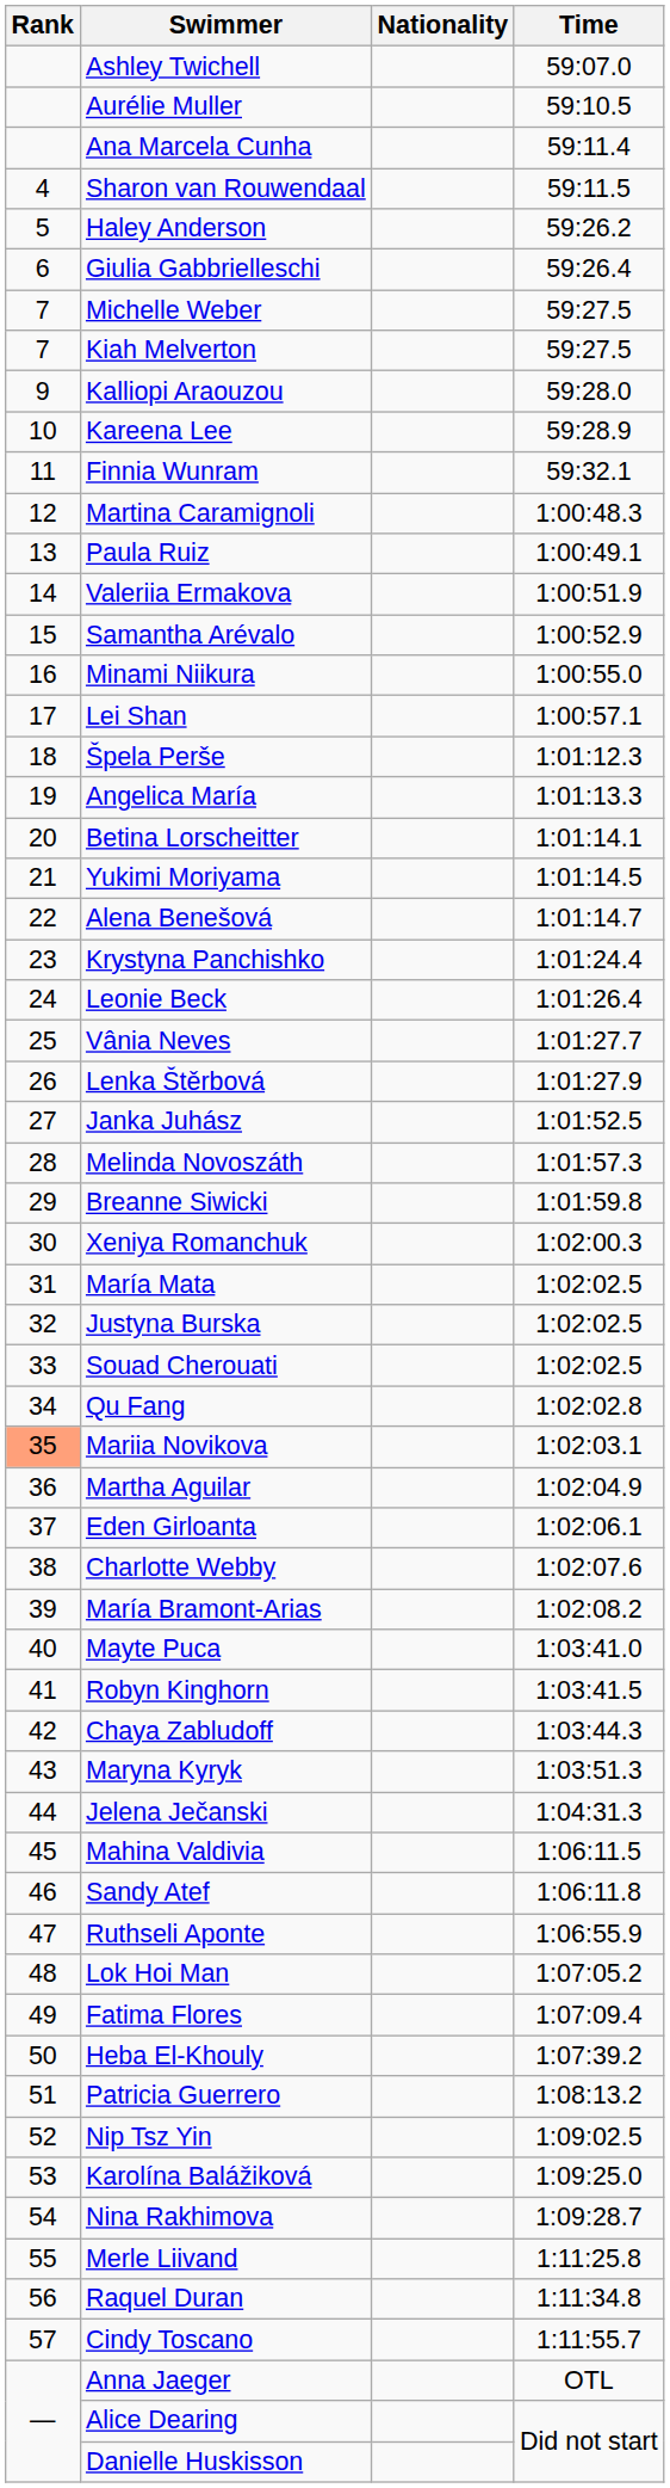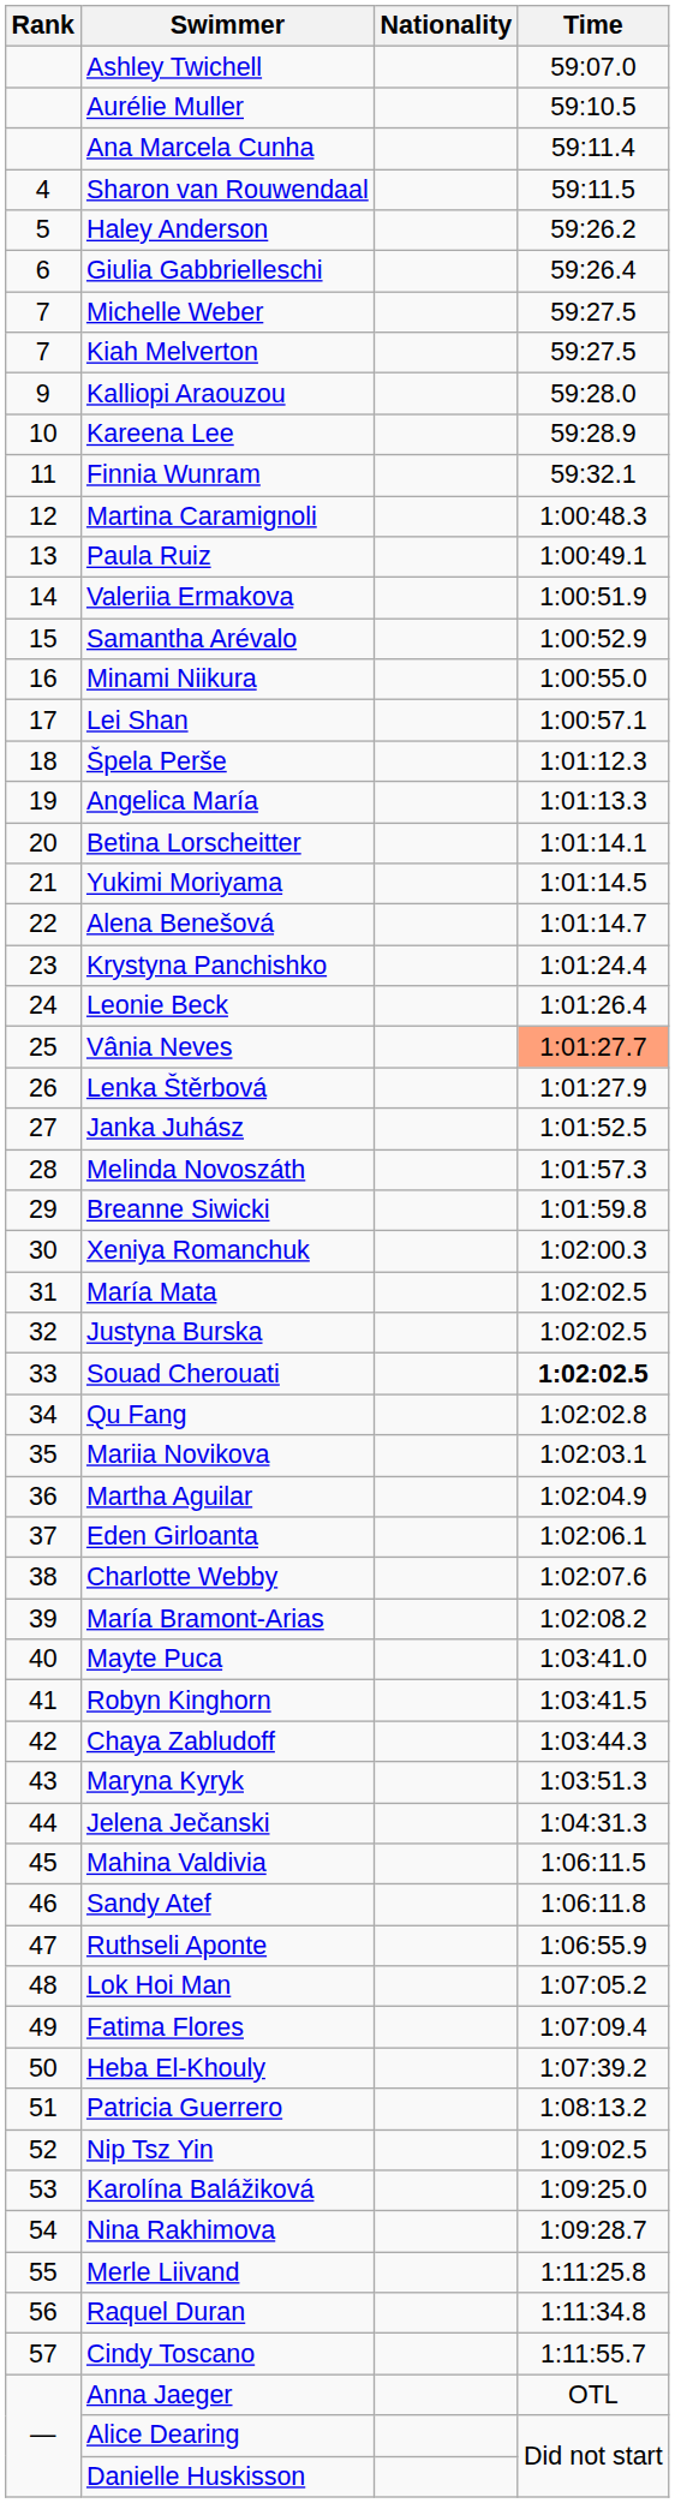 <table class="wikitable sortable" border="1" style="text-align:center">
 <tr>
 <th>Rank</th>
 <th>Swimmer</th>
 <th>Nationality</th>
 <th>Time</th>
 </tr>
 <tr>
 <td></td>
 <td align=left><a href='#'>Ashley Twichell</a></td>
 <td align=left></td>
 <td>59:07.0</td>
 </tr>
 <tr>
 <td></td>
 <td align=left><a href='#'>Aurélie Muller</a></td>
 <td align=left></td>
 <td>59:10.5</td>
 </tr>
 <tr>
 <td></td>
 <td align=left><a href='#'>Ana Marcela Cunha</a></td>
 <td align=left></td>
 <td>59:11.4</td>
 </tr>
 <tr>
 <td>4</td>
 <td align=left><a href='#'>Sharon van Rouwendaal</a></td>
 <td align=left></td>
 <td>59:11.5</td>
 </tr>
 <tr>
 <td>5</td>
 <td align=left><a href='#'>Haley Anderson</a></td>
 <td align=left></td>
 <td>59:26.2</td>
 </tr>
 <tr>
 <td>6</td>
 <td align=left><a href='#'>Giulia Gabbrielleschi</a></td>
 <td align=left></td>
 <td>59:26.4</td>
 </tr>
 <tr>
 <td>7</td>
 <td align=left><a href='#'>Michelle Weber</a></td>
 <td align=left></td>
 <td>59:27.5</td>
 </tr>
 <tr>
 <td>7</td>
 <td align=left><a href='#'>Kiah Melverton</a></td>
 <td align=left></td>
 <td>59:27.5</td>
 </tr>
 <tr>
 <td>9</td>
 <td align=left><a href='#'>Kalliopi Araouzou</a></td>
 <td align=left></td>
 <td>59:28.0</td>
 </tr>
 <tr>
 <td>10</td>
 <td align=left><a href='#'>Kareena Lee</a></td>
 <td align=left></td>
 <td>59:28.9</td>
 </tr>
 <tr>
 <td>11</td>
 <td align=left><a href='#'>Finnia Wunram</a></td>
 <td align=left></td>
 <td>59:32.1</td>
 </tr>
 <tr>
 <td>12</td>
 <td align=left><a href='#'>Martina Caramignoli</a></td>
 <td align=left></td>
 <td>1:00:48.3</td>
 </tr>
 <tr>
 <td>13</td>
 <td align=left><a href='#'>Paula Ruiz</a></td>
 <td align=left></td>
 <td>1:00:49.1</td>
 </tr>
 <tr>
 <td>14</td>
 <td align=left><a href='#'>Valeriia Ermakova</a></td>
 <td align=left></td>
 <td>1:00:51.9</td>
 </tr>
 <tr>
 <td>15</td>
 <td align=left><a href='#'>Samantha Arévalo</a></td>
 <td align=left></td>
 <td>1:00:52.9</td>
 </tr>
 <tr>
 <td>16</td>
 <td align=left><a href='#'>Minami Niikura</a></td>
 <td align=left></td>
 <td>1:00:55.0</td>
 </tr>
 <tr>
 <td>17</td>
 <td align=left><a href='#'>Lei Shan</a></td>
 <td align=left></td>
 <td>1:00:57.1</td>
 </tr>
 <tr>
 <td>18</td>
 <td align=left><a href='#'>Špela Perše</a></td>
 <td align=left></td>
 <td>1:01:12.3</td>
 </tr>
 <tr>
 <td>19</td>
 <td align=left><a href='#'>Angelica María</a></td>
 <td align=left></td>
 <td>1:01:13.3</td>
 </tr>
 <tr>
 <td>20</td>
 <td align=left><a href='#'>Betina Lorscheitter</a></td>
 <td align=left></td>
 <td>1:01:14.1</td>
 </tr>
 <tr>
 <td>21</td>
 <td align=left><a href='#'>Yukimi Moriyama</a></td>
 <td align=left></td>
 <td>1:01:14.5</td>
 </tr>
 <tr>
 <td>22</td>
 <td align=left><a href='#'>Alena Benešová</a></td>
 <td align=left></td>
 <td>1:01:14.7</td>
 </tr>
 <tr>
 <td>23</td>
 <td align=left><a href='#'>Krystyna Panchishko</a></td>
 <td align=left></td>
 <td>1:01:24.4</td>
 </tr>
 <tr>
 <td>24</td>
 <td align=left><a href='#'>Leonie Beck</a></td>
 <td align=left></td>
 <td>1:01:26.4</td>
 </tr>
 <tr>
 <td>25</td>
 <td align=left><a href='#'>Vânia Neves</a></td>
 <td align=left></td>
-<td>1:01:27.7</td>
+<td style="background: lightsalmon;">1:01:27.7</td>
 </tr>
 <tr>
 <td>26</td>
 <td align=left><a href='#'>Lenka Štěrbová</a></td>
 <td align=left></td>
 <td>1:01:27.9</td>
 </tr>
 <tr>
 <td>27</td>
 <td align=left><a href='#'>Janka Juhász</a></td>
 <td align=left></td>
 <td>1:01:52.5</td>
 </tr>
 <tr>
 <td>28</td>
 <td align=left><a href='#'>Melinda Novoszáth</a></td>
 <td align=left></td>
 <td>1:01:57.3</td>
 </tr>
 <tr>
 <td>29</td>
 <td align=left><a href='#'>Breanne Siwicki</a></td>
 <td align=left></td>
 <td>1:01:59.8</td>
 </tr>
 <tr>
 <td>30</td>
 <td align=left><a href='#'>Xeniya Romanchuk</a></td>
 <td align=left></td>
 <td>1:02:00.3</td>
 </tr>
 <tr>
 <td>31</td>
 <td align=left><a href='#'>María Mata</a></td>
 <td align=left></td>
 <td>1:02:02.5</td>
 </tr>
 <tr>
 <td>32</td>
 <td align=left><a href='#'>Justyna Burska</a></td>
 <td align=left></td>
 <td>1:02:02.5</td>
 </tr>
 <tr>
 <td>33</td>
 <td align=left><a href='#'>Souad Cherouati</a></td>
 <td align=left></td>
-<td>1:02:02.5</td>
+<td><strong>1:02:02.5</strong></td>
 </tr>
 <tr>
 <td>34</td>
 <td align=left><a href='#'>Qu Fang</a></td>
 <td align=left></td>
 <td>1:02:02.8</td>
 </tr>
 <tr>
-<td style="background: lightsalmon;">35</td>
+<td>35</td>
 <td align=left><a href='#'>Mariia Novikova</a></td>
 <td align=left></td>
 <td>1:02:03.1</td>
 </tr>
 <tr>
 <td>36</td>
 <td align=left><a href='#'>Martha Aguilar</a></td>
 <td align=left></td>
 <td>1:02:04.9</td>
 </tr>
 <tr>
 <td>37</td>
 <td align=left><a href='#'>Eden Girloanta</a></td>
 <td align=left></td>
 <td>1:02:06.1</td>
 </tr>
 <tr>
 <td>38</td>
 <td align=left><a href='#'>Charlotte Webby</a></td>
 <td align=left></td>
 <td>1:02:07.6</td>
 </tr>
 <tr>
 <td>39</td>
 <td align=left><a href='#'>María Bramont-Arias</a></td>
 <td align=left></td>
 <td>1:02:08.2</td>
 </tr>
 <tr>
 <td>40</td>
 <td align=left><a href='#'>Mayte Puca</a></td>
 <td align=left></td>
 <td>1:03:41.0</td>
 </tr>
 <tr>
 <td>41</td>
 <td align=left><a href='#'>Robyn Kinghorn</a></td>
 <td align=left></td>
 <td>1:03:41.5</td>
 </tr>
 <tr>
 <td>42</td>
 <td align=left><a href='#'>Chaya Zabludoff</a></td>
 <td align=left></td>
 <td>1:03:44.3</td>
 </tr>
 <tr>
 <td>43</td>
 <td align=left><a href='#'>Maryna Kyryk</a></td>
 <td align=left></td>
 <td>1:03:51.3</td>
 </tr>
 <tr>
 <td>44</td>
 <td align=left><a href='#'>Jelena Ječanski</a></td>
 <td align=left></td>
 <td>1:04:31.3</td>
 </tr>
 <tr>
 <td>45</td>
 <td align=left><a href='#'>Mahina Valdivia</a></td>
 <td align=left></td>
 <td>1:06:11.5</td>
 </tr>
 <tr>
 <td>46</td>
 <td align=left><a href='#'>Sandy Atef</a></td>
 <td align=left></td>
 <td>1:06:11.8</td>
 </tr>
 <tr>
 <td>47</td>
 <td align=left><a href='#'>Ruthseli Aponte</a></td>
 <td align=left></td>
 <td>1:06:55.9</td>
 </tr>
 <tr>
 <td>48</td>
 <td align=left><a href='#'>Lok Hoi Man</a></td>
 <td align=left></td>
 <td>1:07:05.2</td>
 </tr>
 <tr>
 <td>49</td>
 <td align=left><a href='#'>Fatima Flores</a></td>
 <td align=left></td>
 <td>1:07:09.4</td>
 </tr>
 <tr>
 <td>50</td>
 <td align=left><a href='#'>Heba El-Khouly</a></td>
 <td align=left></td>
 <td>1:07:39.2</td>
 </tr>
 <tr>
 <td>51</td>
 <td align=left><a href='#'>Patricia Guerrero</a></td>
 <td align=left></td>
 <td>1:08:13.2</td>
 </tr>
 <tr>
 <td>52</td>
 <td align=left><a href='#'>Nip Tsz Yin</a></td>
 <td align=left></td>
 <td>1:09:02.5</td>
 </tr>
 <tr>
 <td>53</td>
 <td align=left><a href='#'>Karolína Balážiková</a></td>
 <td align=left></td>
 <td>1:09:25.0</td>
 </tr>
 <tr>
 <td>54</td>
 <td align=left><a href='#'>Nina Rakhimova</a></td>
 <td align=left></td>
 <td>1:09:28.7</td>
 </tr>
 <tr>
 <td>55</td>
 <td align=left><a href='#'>Merle Liivand</a></td>
 <td align=left></td>
 <td>1:11:25.8</td>
 </tr>
 <tr>
 <td>56</td>
 <td align=left><a href='#'>Raquel Duran</a></td>
 <td align=left></td>
 <td>1:11:34.8</td>
 </tr>
 <tr>
 <td>57</td>
 <td align=left><a href='#'>Cindy Toscano</a></td>
 <td align=left></td>
 <td>1:11:55.7</td>
 </tr>
 <tr>
 <td rowspan=3>—</td>
 <td align=left><a href='#'>Anna Jaeger</a></td>
 <td align=left></td>
 <td>OTL</td>
 </tr>
 <tr>
 <td align=left><a href='#'>Alice Dearing</a></td>
 <td align=left></td>
 <td rowspan=2>Did not start</td>
 </tr>
 <tr>
 <td align=left><a href='#'>Danielle Huskisson</a></td>
 <td align=left></td>
 </tr>
 </table>
